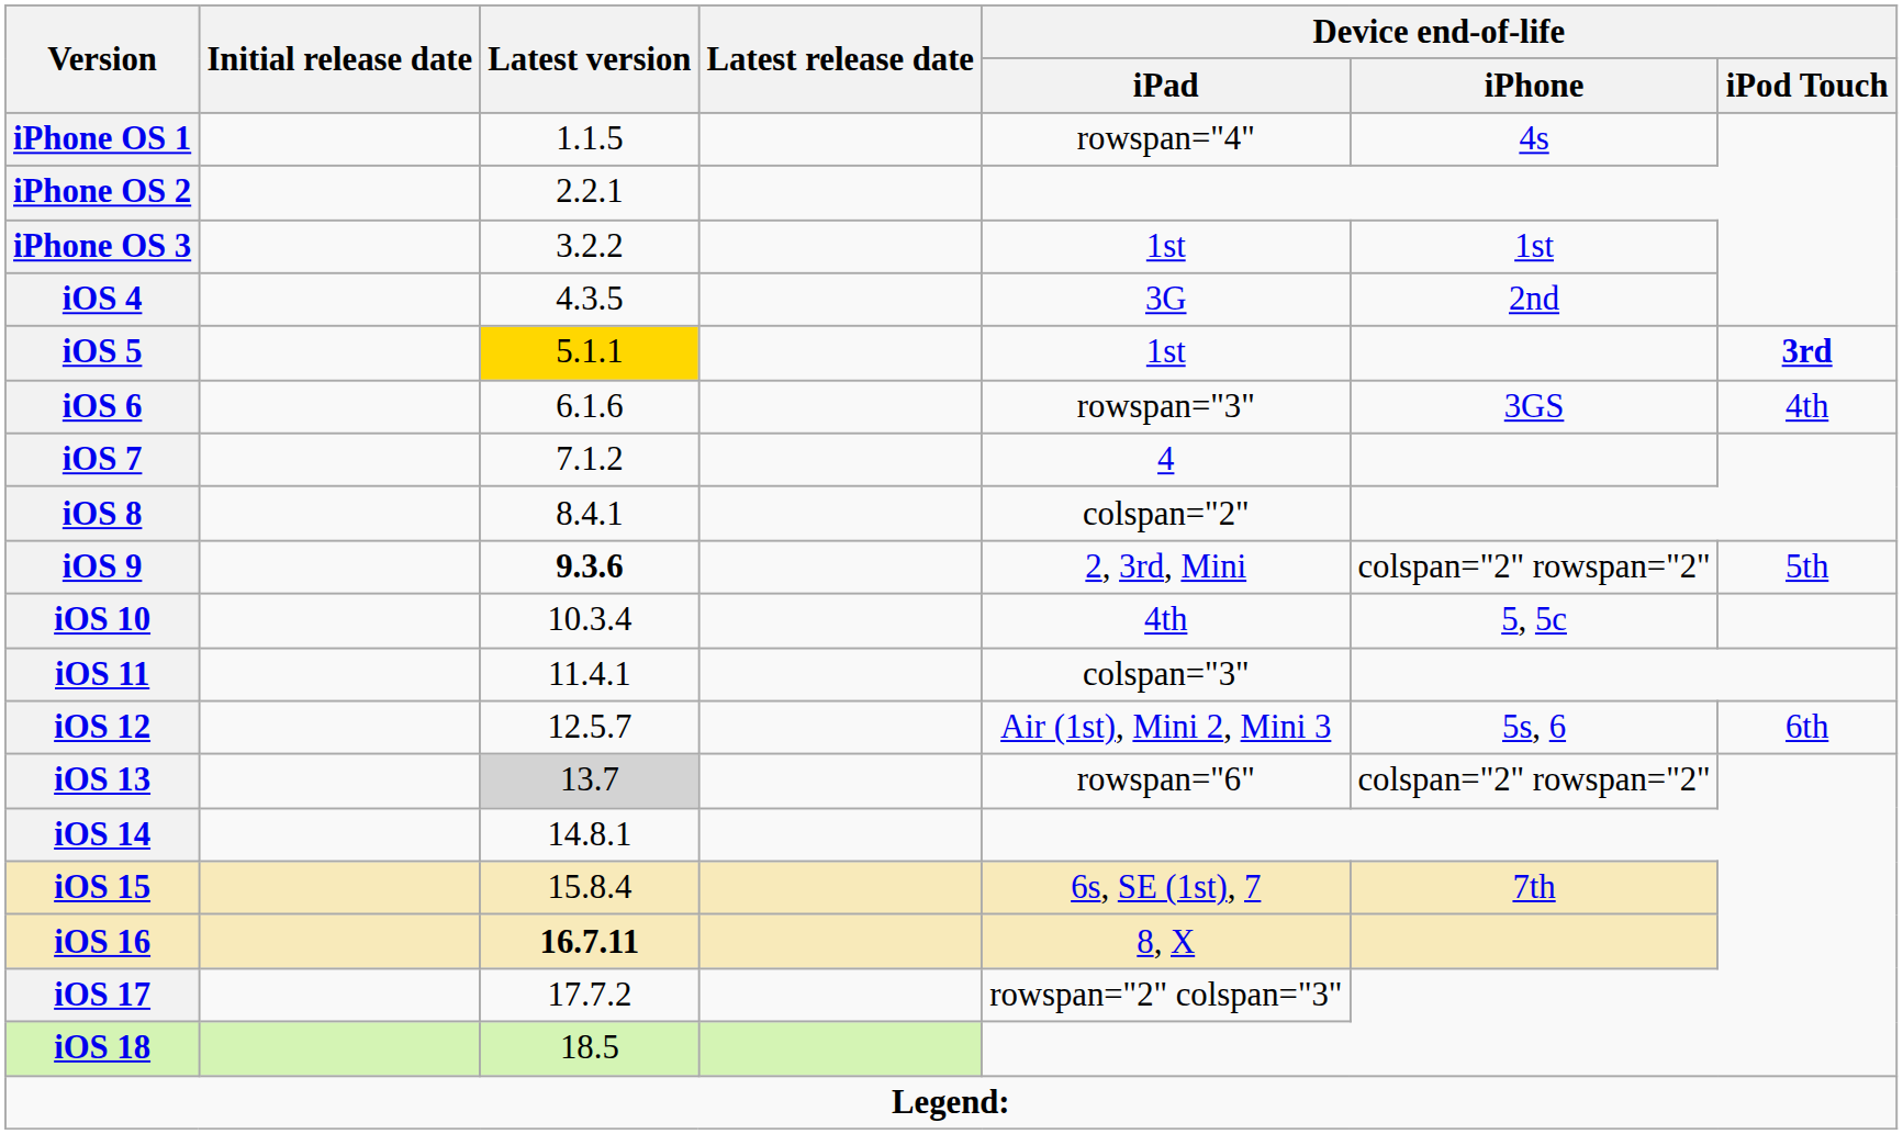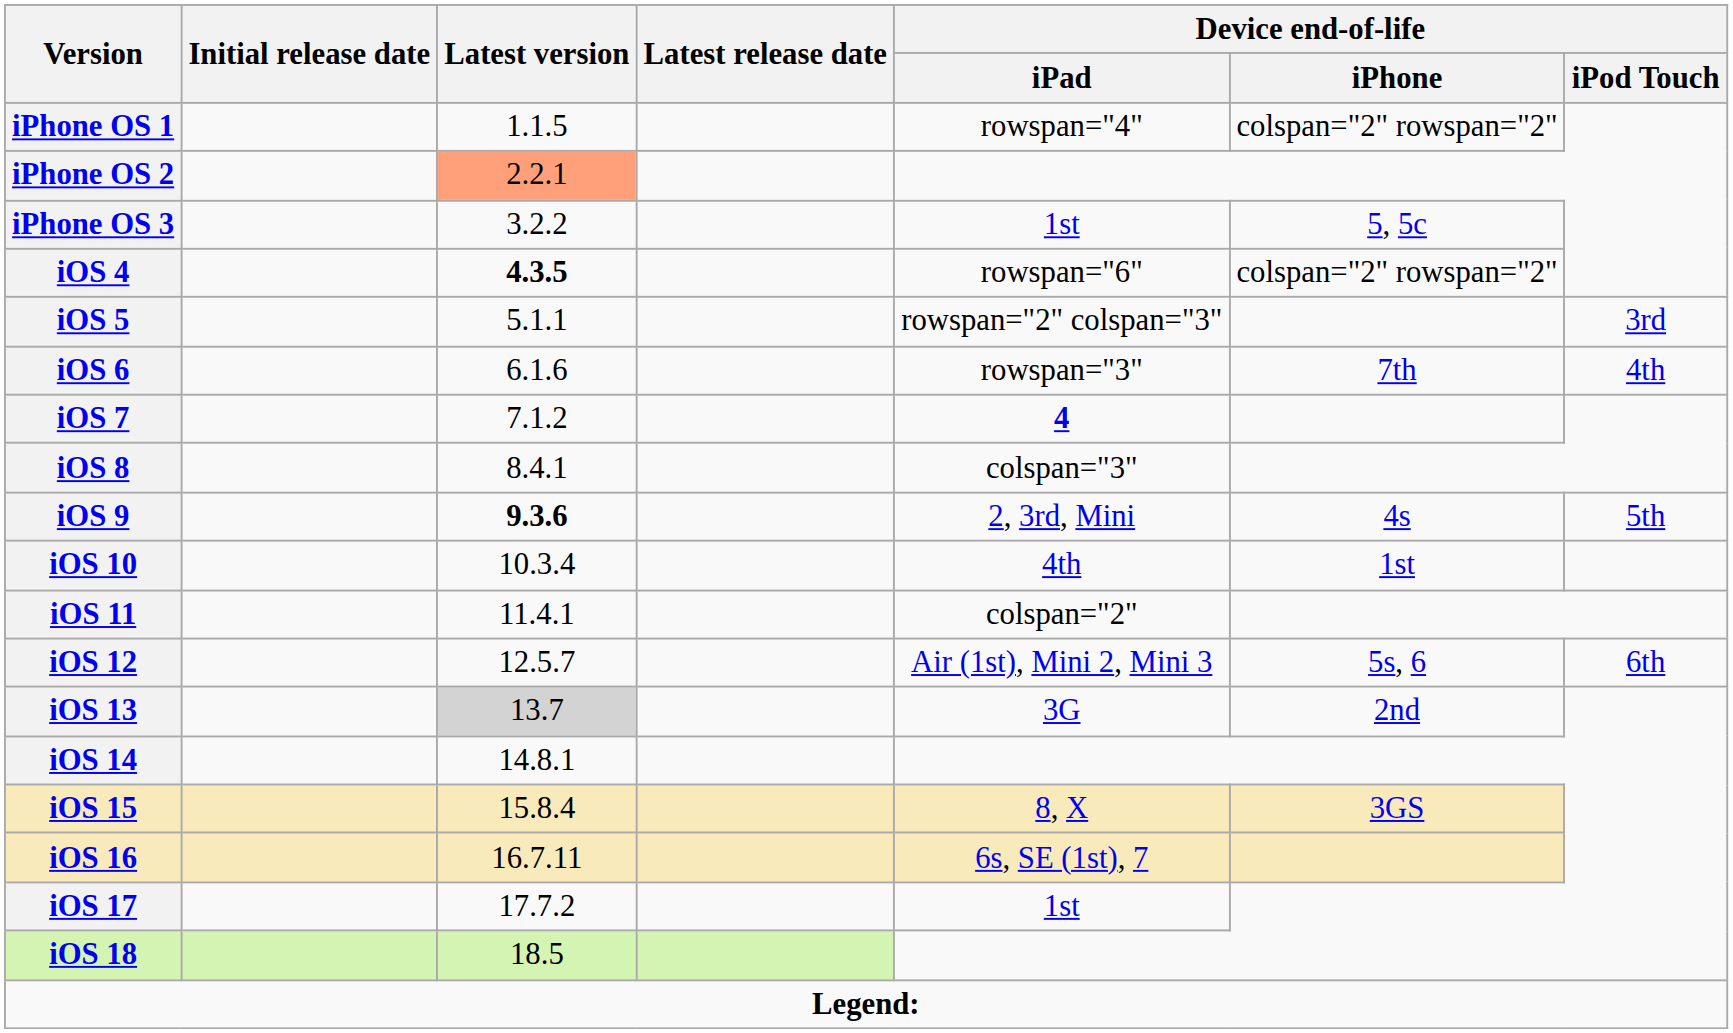 <table class=wikitable style="text-align:center;">
 <tr>
 <th scope="col" rowspan=2>Version</th>
 <th scope="col" rowspan=2>Initial release date</th>
 <th scope="col" rowspan=2>Latest version</th>
 <th scope="col" rowspan=2>Latest release date</th>
 <th scope="colgroup" colspan=3>Device end-of-life</th>
 </tr>
 <tr>
 <th scope="col">iPad</th>
 <th scope="col">iPhone</th>
 <th scope="col">iPod Touch</th>
 </tr>
 <tr>
 <th scope="row"><a href='#'>iPhone OS 1</a></th>
 <td></td>
 <td>1.1.5</td>
 <td></td>
 <td>rowspan="4" </td>
-<td><a href='#'>4s</a></td>
+<td>colspan="2" rowspan="2" </td>
 </tr>
 <tr>
 <th scope="row"><a href='#'>iPhone OS 2</a></th>
 <td></td>
-<td>2.2.1</td>
+<td style="background: lightsalmon;">2.2.1</td>
 <td></td>
 </tr>
 <tr>
 <th scope="row"><a href='#'>iPhone OS 3</a></th>
 <td></td>
 <td>3.2.2</td>
 <td></td>
 <td><a href='#'>1st</a></td>
-<td><a href='#'>1st</a></td>
+<td><a href='#'>5</a>, <a href='#'>5c</a></td>
 </tr>
 <tr>
 <th scope="row"><a href='#'>iOS 4</a></th>
 <td></td>
-<td>4.3.5</td>
+<td><strong>4.3.5</strong></td>
 <td></td>
-<td><a href='#'>3G</a></td>
-<td><a href='#'>2nd</a></td>
+<td>rowspan="6" </td>
+<td>colspan="2" rowspan="2" </td>
 </tr>
 <tr>
 <th scope="row"><a href='#'>iOS 5</a></th>
 <td></td>
-<td style="background: gold;">5.1.1</td>
+<td>5.1.1</td>
 <td></td>
-<td><a href='#'>1st</a></td>
+<td>rowspan="2" colspan="3" </td>
 <td></td>
-<td><strong><a href='#'>3rd</a></strong></td>
+<td><a href='#'>3rd</a></td>
 </tr>
 <tr>
 <th scope="row"><a href='#'>iOS 6</a></th>
 <td></td>
 <td>6.1.6</td>
 <td></td>
 <td>rowspan="3" </td>
-<td><a href='#'>3GS</a></td>
+<td><a href='#'>7th</a></td>
 <td><a href='#'>4th</a></td>
 </tr>
 <tr>
 <th scope="row"><a href='#'>iOS 7</a></th>
 <td></td>
 <td>7.1.2</td>
 <td></td>
-<td><a href='#'>4</a></td>
+<td><strong><a href='#'>4</a></strong></td>
 <td></td>
 </tr>
 <tr>
 <th scope="row"><a href='#'>iOS 8</a></th>
 <td></td>
 <td>8.4.1</td>
 <td></td>
-<td>colspan="2" </td>
+<td>colspan="3" </td>
 </tr>
 <tr>
 <th scope="row"><a href='#'>iOS 9</a></th>
 <td></td>
 <td><strong>9.3.6</strong></td>
 <td></td>
 <td><a href='#'>2</a>, <a href='#'>3rd</a>, <a href='#'>Mini</a></td>
-<td>colspan="2" rowspan="2" </td>
+<td><a href='#'>4s</a></td>
 <td><a href='#'>5th</a></td>
 </tr>
 <tr>
 <th scope="row"><a href='#'>iOS 10</a></th>
 <td></td>
 <td>10.3.4</td>
 <td></td>
 <td><a href='#'>4th</a></td>
-<td><a href='#'>5</a>, <a href='#'>5c</a></td>
+<td><a href='#'>1st</a></td>
 <td></td>
 </tr>
 <tr>
 <th scope="row"><a href='#'>iOS 11</a></th>
 <td></td>
 <td>11.4.1</td>
 <td></td>
-<td>colspan="3" </td>
+<td>colspan="2" </td>
 </tr>
 <tr>
 <th scope="row"><a href='#'>iOS 12</a></th>
 <td></td>
 <td>12.5.7</td>
 <td></td>
 <td><a href='#'>Air (1st)</a>, <a href='#'>Mini 2</a>, <a href='#'>Mini 3</a></td>
 <td><a href='#'>5s</a>, <a href='#'>6</a></td>
 <td><a href='#'>6th</a></td>
 </tr>
 <tr>
 <th scope="row"><a href='#'>iOS 13</a></th>
 <td></td>
 <td style="background: lightgrey;">13.7</td>
 <td></td>
-<td>rowspan="6" </td>
-<td>colspan="2" rowspan="2" </td>
+<td><a href='#'>3G</a></td>
+<td><a href='#'>2nd</a></td>
 </tr>
 <tr>
 <th scope="row"><a href='#'>iOS 14</a></th>
 <td></td>
 <td>14.8.1</td>
 <td></td>
 </tr>
 <tr style="background:#f8eaba">
 <th scope="row" style="background:#f8eaba"><a href='#'>iOS 15</a></th>
 <td></td>
 <td>15.8.4</td>
 <td></td>
-<td><a href='#'>6s</a>, <a href='#'>SE (1st)</a>, <a href='#'>7</a></td>
-<td><a href='#'>7th</a></td>
+<td><a href='#'>8</a>, <a href='#'>X</a></td>
+<td><a href='#'>3GS</a></td>
 </tr>
 <tr style="background:#f8eaba">
 <th scope="row" style="background:#f8eaba"><a href='#'>iOS 16</a></th>
 <td></td>
-<td><strong>16.7.11</strong></td>
+<td>16.7.11</td>
 <td></td>
-<td><a href='#'>8</a>, <a href='#'>X</a></td>
+<td><a href='#'>6s</a>, <a href='#'>SE (1st)</a>, <a href='#'>7</a></td>
 <td></td>
 </tr>
 <tr>
 <th scope="row"><a href='#'>iOS 17</a></th>
 <td></td>
 <td>17.7.2 </td>
 <td></td>
-<td>rowspan="2" colspan="3" </td>
+<td><a href='#'>1st</a></td>
 </tr>
 <tr style="background:#d4f4b4">
 <th scope="rowgroup" style="background:#d4f4b4"><a href='#'>iOS 18</a></th>
 <td></td>
 <td>18.5</td>
 <td></td>
 </tr>
 <tr>
 <td colspan="7"><strong>Legend:</strong>    </td>
 </tr>
 </table>
